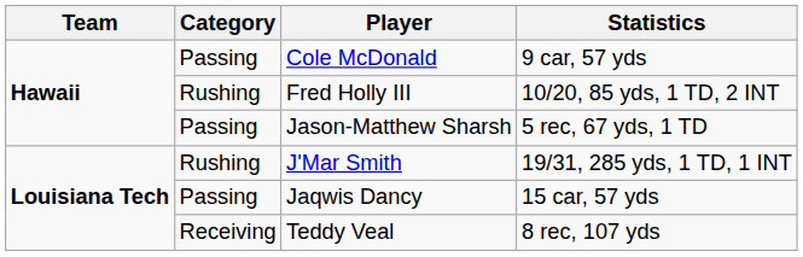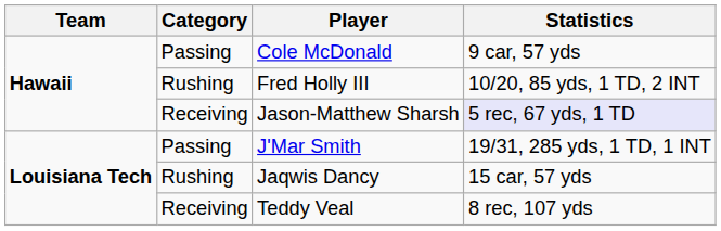 <table class="wikitable">
 <tr>
 <th>Team</th>
 <th>Category</th>
 <th>Player</th>
 <th>Statistics</th>
 </tr>
 <tr>
 <td rowspan=3><strong>Hawaii</strong></td>
 <td>Passing</td>
 <td><a href='#'>Cole McDonald</a></td>
 <td>9 car, 57 yds</td>
 </tr>
 <tr>
 <td>Rushing</td>
 <td>Fred Holly III</td>
 <td>10/20, 85 yds, 1 TD, 2 INT</td>
 </tr>
 <tr>
-<td>Passing</td>
+<td>Receiving</td>
 <td>Jason-Matthew Sharsh</td>
-<td>5 rec, 67 yds, 1 TD</td>
+<td style="background: lavender;">5 rec, 67 yds, 1 TD</td>
 </tr>
 <tr>
 <td rowspan=3><strong>Louisiana Tech</strong></td>
-<td>Rushing</td>
+<td>Passing</td>
 <td><a href='#'>J'Mar Smith</a></td>
 <td>19/31, 285 yds, 1 TD, 1 INT</td>
 </tr>
 <tr>
-<td>Passing</td>
+<td>Rushing</td>
 <td>Jaqwis Dancy</td>
 <td>15 car, 57 yds</td>
 </tr>
 <tr>
 <td>Receiving</td>
 <td>Teddy Veal</td>
 <td>8 rec, 107 yds</td>
 </tr>
 </table>
